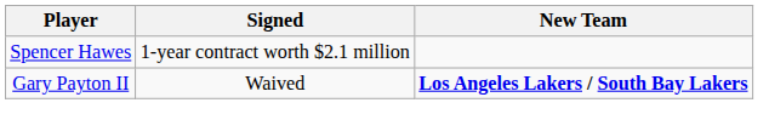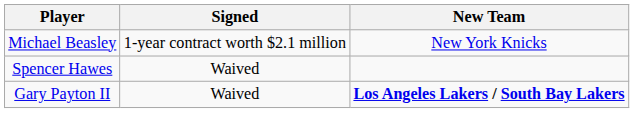 <table class="wikitable sortable sortable">
 <tr>
 <th>Player</th>
 <th>Signed</th>
 <th>New Team</th>
 </tr>
 <tr style="text-align: center">
+<td><a href='#'>Michael Beasley</a></td>
+<td>1-year contract worth $2.1 million</td>
+<td><a href='#'>New York Knicks</a></td>
+</tr>
+<tr style="text-align: center">
 <td><a href='#'>Spencer Hawes</a></td>
-<td>1-year contract worth $2.1 million</td>
+<td>Waived</td>
 <td></td>
 </tr>
 <tr style="text-align: center">
 <td><a href='#'>Gary Payton II</a></td>
 <td>Waived</td>
 <td><strong><a href='#'>Los Angeles Lakers</a> / <a href='#'>South Bay Lakers</a></strong></td>
 </tr>
 </table>
